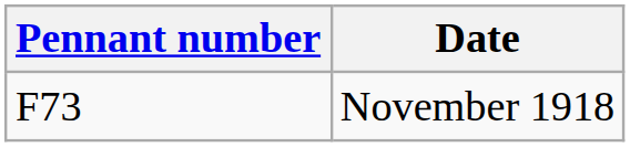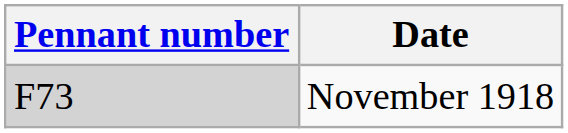 <table class="wikitable" style="text-align:left">
 <tr>
 <th><a href='#'>Pennant number</a></th>
 <th>Date</th>
 </tr>
 <tr>
-<td>F73</td>
+<td style="background: lightgrey;">F73</td>
 <td>November 1918</td>
 </tr>
 </table>
